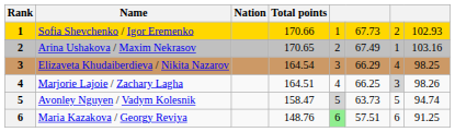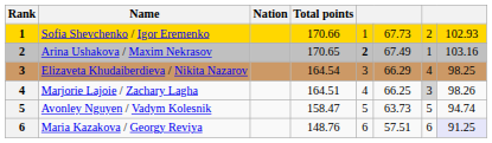 <table class="wikitable sortable">
 <tr>
 <th>Rank</th>
 <th>Name</th>
 <th>Nation</th>
 <th>Total points</th>
 <th colspan="2" width="80px"></th>
 <th colspan="2" width="80px"></th>
 </tr>
 <tr bgcolor="gold">
 <td align="center"><strong>1</strong></td>
 <td><a href='#'>Sofia Shevchenko</a> / <a href='#'>Igor Eremenko</a></td>
 <td></td>
 <td align="center">170.66</td>
 <td align="center">1</td>
 <td align="center">67.73</td>
 <td align="center">2</td>
 <td align="center">102.93</td>
 </tr>
 <tr bgcolor="silver">
 <td align="center"><strong>2</strong></td>
 <td><a href='#'>Arina Ushakova</a> / <a href='#'>Maxim Nekrasov</a></td>
 <td></td>
 <td align="center">170.65</td>
-<td align="center">2</td>
+<td align="center"><strong>2</strong></td>
 <td align="center">67.49</td>
 <td align="center">1</td>
 <td align="center">103.16</td>
 </tr>
 <tr bgcolor="cc9966">
 <td align="center"><strong>3</strong></td>
 <td><a href='#'>Elizaveta Khudaiberdieva</a> / <a href='#'>Nikita Nazarov</a></td>
 <td></td>
 <td align="center">164.54</td>
 <td align="center">3</td>
 <td align="center">66.29</td>
 <td align="center">4</td>
 <td align="center">98.25</td>
 </tr>
 <tr>
 <th>4</th>
 <td><a href='#'>Marjorie Lajoie</a> / <a href='#'>Zachary Lagha</a></td>
 <td></td>
 <td align="center">164.51</td>
 <td align="center">4</td>
 <td align="center">66.25</td>
 <td align="center" style="background: lightgrey;">3</td>
 <td align="center">98.26</td>
 </tr>
 <tr>
 <th>5</th>
 <td><a href='#'>Avonley Nguyen</a> / <a href='#'>Vadym Kolesnik</a></td>
 <td></td>
 <td align="center">158.47</td>
-<td align="center" style="background: lightgrey;">5</td>
+<td align="center">5</td>
 <td align="center">63.73</td>
 <td align="center">5</td>
 <td align="center">94.74</td>
 </tr>
 <tr>
 <th>6</th>
 <td><a href='#'>Maria Kazakova</a> / <a href='#'>Georgy Reviya</a></td>
 <td></td>
 <td align="center">148.76</td>
-<td align="center" style="background: lightgreen;">6</td>
+<td align="center">6</td>
 <td align="center">57.51</td>
 <td align="center">6</td>
-<td align="center">91.25</td>
+<td align="center" style="background: lavender;">91.25</td>
 </tr>
 </table>
